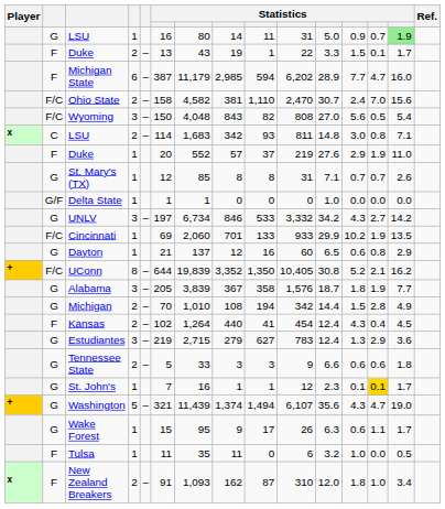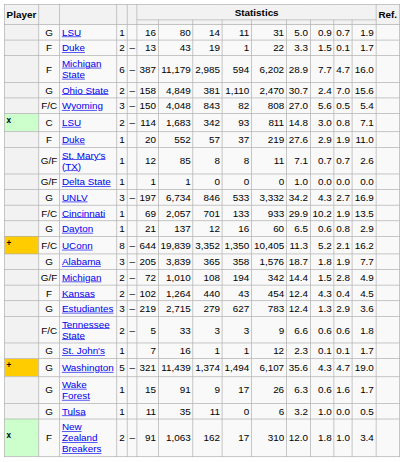 <table class="wikitable sortable" style="font-size:95%; text-align:right;">
 <tr>
 <th scope=col rowspan="2">Player</th>
 <th scope=col rowspan="2"></th>
 <th scope=col rowspan="2"></th>
 <th scope=col rowspan="2"></th>
 <th scope=col rowspan="2"></th>
 <th scope=colgroup colspan="9">Statistics</th>
 <th scope=col rowspan="2">Ref.</th>
 </tr>
 <tr>
 <th scope=col></th>
 <th scope=col></th>
 <th scope=col></th>
 <th scope=col></th>
 <th scope=col></th>
 <th scope=col></th>
 <th scope=col></th>
 <th scope=col></th>
 <th scope=col></th>
 </tr>
 <tr>
 <th scope=row style="text-align:left;"></th>
 <td align="center">G</td>
 <td align="left"><a href='#'>LSU</a></td>
 <td align="center">1</td>
 <td align="center"></td>
 <td>16</td>
 <td>80</td>
 <td>14</td>
 <td>11</td>
 <td>31</td>
 <td>5.0</td>
 <td>0.9</td>
 <td>0.7</td>
-<td style="background: lightgreen;">1.9</td>
+<td>1.9</td>
 <td align=center></td>
 </tr>
 <tr>
 <th scope=row style="text-align:left;"></th>
 <td align="center">F</td>
 <td align="left"><a href='#'>Duke</a></td>
 <td align="center">2</td>
 <td align="center">–</td>
 <td>13</td>
 <td>43</td>
 <td>19</td>
 <td>1</td>
 <td>22</td>
 <td>3.3</td>
 <td>1.5</td>
 <td>0.1</td>
 <td>1.7</td>
 <td align=center></td>
 </tr>
 <tr>
 <th scope=row style="text-align:left;"></th>
 <td align="center">F</td>
 <td align="left"><a href='#'>Michigan State</a></td>
 <td align="center">6</td>
 <td align="center">–</td>
 <td>387</td>
 <td>11,179</td>
 <td>2,985</td>
 <td>594</td>
 <td>6,202</td>
 <td>28.9</td>
 <td>7.7</td>
 <td>4.7</td>
 <td>16.0</td>
 <td align=center></td>
 </tr>
 <tr>
 <th scope=row style="text-align:left;"></th>
-<td align="center">F/C</td>
+<td align="center">G</td>
 <td align="left"><a href='#'>Ohio State</a></td>
 <td align="center">2</td>
 <td align="center">–</td>
 <td>158</td>
-<td>4,582</td>
+<td>4,849</td>
 <td>381</td>
 <td>1,110</td>
 <td>2,470</td>
 <td>30.7</td>
 <td>2.4</td>
 <td>7.0</td>
 <td>15.6</td>
 <td align=center></td>
 </tr>
 <tr>
 <th scope=row style="text-align:left;"></th>
 <td align="center">F/C</td>
 <td align="left"><a href='#'>Wyoming</a></td>
 <td align="center">3</td>
 <td align="center">–</td>
 <td>150</td>
 <td>4,048</td>
 <td>843</td>
 <td>82</td>
 <td>808</td>
 <td>27.0</td>
 <td>5.6</td>
 <td>0.5</td>
 <td>5.4</td>
 <td align=center></td>
 </tr>
 <tr>
 <th scope=row style="text-align:left; background-color:#CCFFCC;"><sup>x</sup></th>
 <td align="center">C</td>
 <td align="left"><a href='#'>LSU</a></td>
 <td align="center">2</td>
 <td align="center">–</td>
 <td>114</td>
 <td>1,683</td>
 <td>342</td>
 <td>93</td>
 <td>811</td>
 <td>14.8</td>
 <td>3.0</td>
 <td>0.8</td>
 <td>7.1</td>
 <td align=center></td>
 </tr>
 <tr>
 <th scope=row style="text-align:left;"></th>
 <td align="center">F</td>
 <td align="left"><a href='#'>Duke</a></td>
 <td align="center">1</td>
 <td align="center"></td>
 <td>20</td>
 <td>552</td>
 <td>57</td>
 <td>37</td>
 <td>219</td>
 <td>27.6</td>
 <td>2.9</td>
 <td>1.9</td>
 <td>11.0</td>
 <td align=center></td>
 </tr>
 <tr>
 <th scope=row style="text-align:left;"></th>
-<td align="center">G</td>
+<td align="center">G/F</td>
 <td align="left"><a href='#'>St. Mary's (TX)</a></td>
 <td align="center">1</td>
 <td align="center"></td>
 <td>12</td>
 <td>85</td>
 <td>8</td>
 <td>8</td>
-<td>31</td>
+<td>11</td>
 <td>7.1</td>
 <td>0.7</td>
 <td>0.7</td>
 <td>2.6</td>
 <td align=center></td>
 </tr>
 <tr>
 <th scope=row style="text-align:left;"></th>
 <td align="center">G/F</td>
 <td align="left"><a href='#'>Delta State</a></td>
 <td align="center">1</td>
 <td align="center"></td>
 <td>1</td>
 <td>1</td>
 <td>0</td>
 <td>0</td>
 <td>0</td>
 <td>1.0</td>
 <td>0.0</td>
 <td>0.0</td>
 <td>0.0</td>
 <td align=center></td>
 </tr>
 <tr>
 <th scope=row style="text-align:left;"></th>
 <td align="center">G</td>
 <td align="left"><a href='#'>UNLV</a></td>
 <td align="center">3</td>
 <td align="center">–</td>
 <td>197</td>
 <td>6,734</td>
 <td>846</td>
 <td>533</td>
 <td>3,332</td>
 <td>34.2</td>
 <td>4.3</td>
 <td>2.7</td>
-<td>14.2</td>
+<td>16.9</td>
 <td align=center></td>
 </tr>
 <tr>
 <th scope=row style="text-align:left;"></th>
 <td align="center">F/C</td>
 <td align="left"><a href='#'>Cincinnati</a></td>
 <td align="center">1</td>
 <td align="center"></td>
 <td>69</td>
-<td>2,060</td>
+<td>2,057</td>
 <td>701</td>
 <td>133</td>
 <td>933</td>
 <td>29.9</td>
 <td>10.2</td>
 <td>1.9</td>
 <td>13.5</td>
 <td align=center></td>
 </tr>
 <tr>
 <th scope=row style="text-align:left;"></th>
 <td align="center">G</td>
 <td align="left"><a href='#'>Dayton</a></td>
 <td align="center">1</td>
 <td align="center"></td>
 <td>21</td>
 <td>137</td>
 <td>12</td>
 <td>16</td>
 <td>60</td>
 <td>6.5</td>
 <td>0.6</td>
 <td>0.8</td>
 <td>2.9</td>
 <td align=center></td>
 </tr>
 <tr>
 <th scope=row style="text-align:left; background-color:#FFCC00;"><sup>+</sup></th>
 <td align="center">F/C</td>
 <td align="left"><a href='#'>UConn</a></td>
 <td align="center">8</td>
 <td align="center">–</td>
 <td>644</td>
 <td>19,839</td>
 <td>3,352</td>
 <td>1,350</td>
 <td>10,405</td>
-<td>30.8</td>
+<td>11.3</td>
 <td>5.2</td>
 <td>2.1</td>
 <td>16.2</td>
 <td align=center></td>
 </tr>
 <tr>
 <th scope=row style="text-align:left;"></th>
 <td align="center">G</td>
 <td align="left"><a href='#'>Alabama</a></td>
 <td align="center">3</td>
 <td align="center">–</td>
 <td>205</td>
 <td>3,839</td>
-<td>367</td>
+<td>365</td>
 <td>358</td>
 <td>1,576</td>
 <td>18.7</td>
 <td>1.8</td>
 <td>1.9</td>
 <td>7.7</td>
 <td align=center></td>
 </tr>
 <tr>
 <th scope=row style="text-align:left;"></th>
-<td align="center">G</td>
+<td align="center">G/F</td>
 <td align="left"><a href='#'>Michigan</a></td>
 <td align="center">2</td>
 <td align="center">–</td>
-<td>70</td>
+<td>72</td>
 <td>1,010</td>
 <td>108</td>
 <td>194</td>
 <td>342</td>
 <td>14.4</td>
 <td>1.5</td>
 <td>2.8</td>
 <td>4.9</td>
 <td align=center></td>
 </tr>
 <tr>
 <th scope=row style="text-align:left;"></th>
 <td align="center">F</td>
 <td align="left"><a href='#'>Kansas</a></td>
 <td align="center">2</td>
 <td align="center">–</td>
 <td>102</td>
 <td>1,264</td>
 <td>440</td>
-<td>41</td>
+<td>43</td>
 <td>454</td>
 <td>12.4</td>
 <td>4.3</td>
 <td>0.4</td>
 <td>4.5</td>
 <td align=center></td>
 </tr>
 <tr>
 <th scope=row style="text-align:left;"></th>
 <td align="center">G</td>
 <td align="left"> <a href='#'>Estudiantes</a></td>
 <td align="center">3</td>
 <td align="center">–</td>
 <td>219</td>
 <td>2,715</td>
 <td>279</td>
 <td>627</td>
 <td>783</td>
 <td>12.4</td>
 <td>1.3</td>
 <td>2.9</td>
 <td>3.6</td>
 <td align=center></td>
 </tr>
 <tr>
 <th scope=row style="text-align:left;"></th>
-<td align="center">G</td>
+<td align="center">F/C</td>
 <td align="left"><a href='#'>Tennessee State</a></td>
 <td align="center">2</td>
 <td align="center">–</td>
 <td>5</td>
 <td>33</td>
 <td>3</td>
 <td>3</td>
 <td>9</td>
 <td>6.6</td>
 <td>0.6</td>
 <td>0.6</td>
 <td>1.8</td>
 <td align=center></td>
 </tr>
 <tr>
 <th scope=row style="text-align:left;"></th>
 <td align="center">G</td>
 <td align="left"><a href='#'>St. John's</a></td>
 <td align="center">1</td>
 <td align="center"></td>
 <td>7</td>
 <td>16</td>
 <td>1</td>
 <td>1</td>
 <td>12</td>
 <td>2.3</td>
 <td>0.1</td>
-<td style="background: gold;">0.1</td>
+<td>0.1</td>
 <td>1.7</td>
 <td align=center></td>
 </tr>
 <tr>
 <th scope=row style="text-align:left; background-color:#FFCC00;"><sup>+</sup></th>
 <td align="center">G</td>
 <td align="left"><a href='#'>Washington</a></td>
 <td align="center">5</td>
 <td align="center">–</td>
 <td>321</td>
 <td>11,439</td>
 <td>1,374</td>
 <td>1,494</td>
 <td>6,107</td>
 <td>35.6</td>
 <td>4.3</td>
 <td>4.7</td>
 <td>19.0</td>
 <td align=center></td>
 </tr>
 <tr>
 <th scope=row style="text-align:left;"></th>
 <td align="center">G</td>
 <td align="left"><a href='#'>Wake Forest</a></td>
 <td align="center">1</td>
 <td align="center"></td>
 <td>15</td>
-<td>95</td>
+<td>91</td>
 <td>9</td>
 <td>17</td>
 <td>26</td>
 <td>6.3</td>
 <td>0.6</td>
-<td>1.1</td>
+<td>1.6</td>
 <td>1.7</td>
 <td align=center></td>
 </tr>
 <tr>
 <th scope=row style="text-align:left;"></th>
-<td align="center">F</td>
+<td align="center">G</td>
 <td align="left"><a href='#'>Tulsa</a></td>
 <td align="center">1</td>
 <td align="center"></td>
 <td>11</td>
 <td>35</td>
 <td>11</td>
 <td>0</td>
 <td>6</td>
 <td>3.2</td>
 <td>1.0</td>
 <td>0.0</td>
 <td>0.5</td>
 <td align=center></td>
 </tr>
 <tr>
 <th scope=row style="text-align:left; background-color:#CCFFCC;"><sup>x</sup></th>
 <td align="center">F</td>
 <td align="left"> <a href='#'>New Zealand Breakers</a></td>
 <td align="center">2</td>
 <td align="center">–</td>
 <td>91</td>
-<td>1,093</td>
+<td>1,063</td>
 <td>162</td>
-<td>87</td>
+<td>17</td>
 <td>310</td>
 <td>12.0</td>
 <td>1.8</td>
 <td>1.0</td>
 <td>3.4</td>
 <td align=center></td>
 </tr>
 </table>
